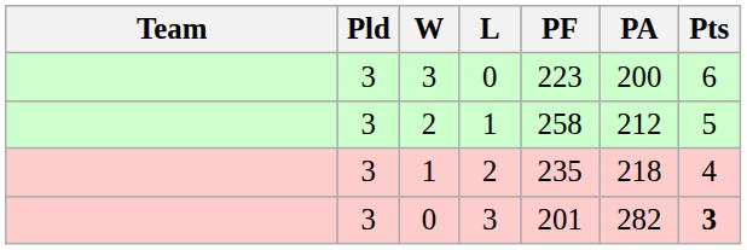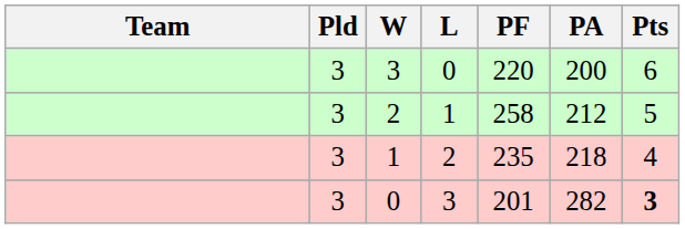 <table class="wikitable" style="text-align:center;">
 <tr>
 <th width=170>Team</th>
 <th width=25>Pld</th>
 <th width=25>W</th>
 <th width=25>L</th>
 <th width=35>PF</th>
 <th width=35>PA</th>
 <th width=25>Pts</th>
 </tr>
 <tr bgcolor=#ccffcc>
 <td align="left"></td>
 <td>3</td>
 <td>3</td>
 <td>0</td>
-<td>223</td>
+<td>220</td>
 <td>200</td>
 <td>6</td>
 </tr>
 <tr bgcolor=#ccffcc>
 <td align="left"></td>
 <td>3</td>
 <td>2</td>
 <td>1</td>
 <td>258</td>
 <td>212</td>
 <td>5</td>
 </tr>
 <tr bgcolor=#ffcccc>
 <td align="left"></td>
 <td>3</td>
 <td>1</td>
 <td>2</td>
 <td>235</td>
 <td>218</td>
 <td>4</td>
 </tr>
 <tr bgcolor=#ffcccc>
 <td align="left"></td>
 <td>3</td>
 <td>0</td>
 <td>3</td>
 <td>201</td>
 <td>282</td>
 <td><strong>3</strong></td>
 </tr>
 </table>
